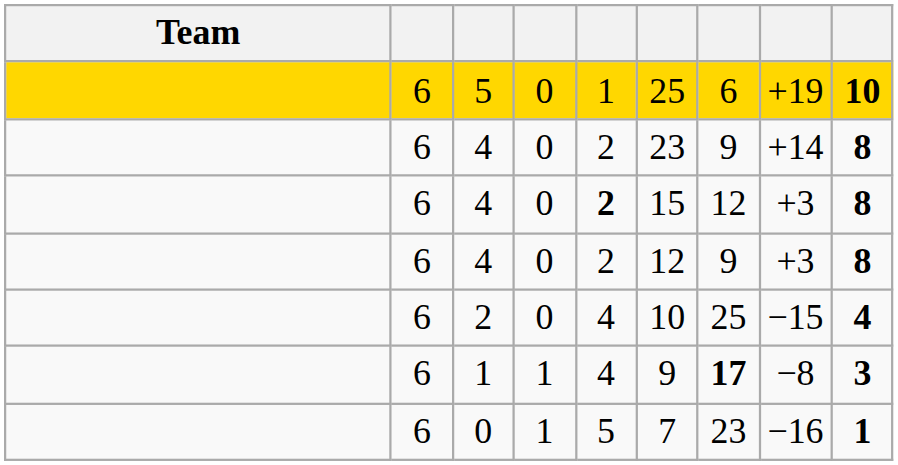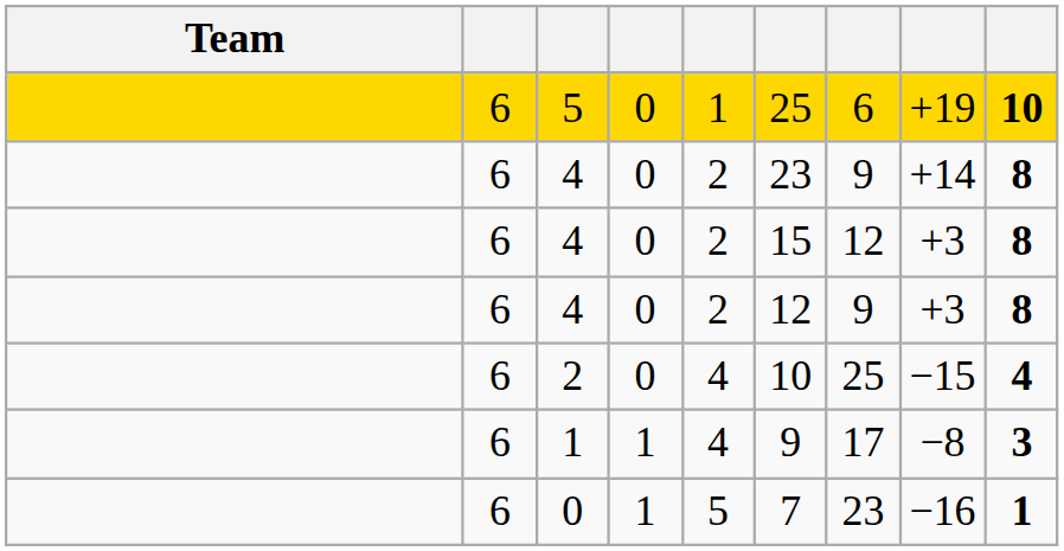 <table class="wikitable" style="text-align:center">
 <tr>
 <th width=165>Team</th>
 <th width=20></th>
 <th width=20></th>
 <th width=20></th>
 <th width=20></th>
 <th width=20></th>
 <th width=20></th>
 <th width=20></th>
 <th width=20></th>
 </tr>
 <tr align=center bgcolor=gold>
 <td align=left></td>
 <td>6</td>
 <td>5</td>
 <td>0</td>
 <td>1</td>
 <td>25</td>
 <td>6</td>
 <td>+19</td>
 <td><strong>10</strong></td>
 </tr>
 <tr align=center>
 <td align=left></td>
 <td>6</td>
 <td>4</td>
 <td>0</td>
 <td>2</td>
 <td>23</td>
 <td>9</td>
 <td>+14</td>
 <td><strong>8</strong></td>
 </tr>
 <tr align=center>
 <td align=left></td>
 <td>6</td>
 <td>4</td>
 <td>0</td>
-<td><strong>2</strong></td>
+<td>2</td>
 <td>15</td>
 <td>12</td>
 <td>+3</td>
 <td><strong>8</strong></td>
 </tr>
 <tr align=center>
 <td align=left></td>
 <td>6</td>
 <td>4</td>
 <td>0</td>
 <td>2</td>
 <td>12</td>
 <td>9</td>
 <td>+3</td>
 <td><strong>8</strong></td>
 </tr>
 <tr align=center>
 <td align=left></td>
 <td>6</td>
 <td>2</td>
 <td>0</td>
 <td>4</td>
 <td>10</td>
 <td>25</td>
 <td>−15</td>
 <td><strong>4</strong></td>
 </tr>
 <tr align=center>
 <td align=left></td>
 <td>6</td>
 <td>1</td>
 <td>1</td>
 <td>4</td>
 <td>9</td>
-<td><strong>17</strong></td>
+<td>17</td>
 <td>−8</td>
 <td><strong>3</strong></td>
 </tr>
 <tr align=center>
 <td align=left></td>
 <td>6</td>
 <td>0</td>
 <td>1</td>
 <td>5</td>
 <td>7</td>
 <td>23</td>
 <td>−16</td>
 <td><strong>1</strong></td>
 </tr>
 </table>
